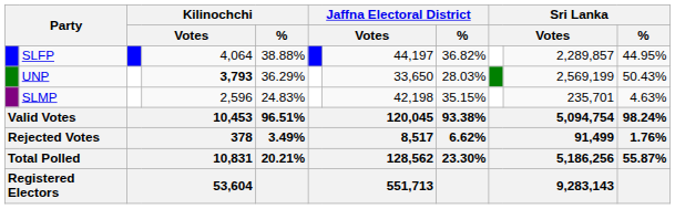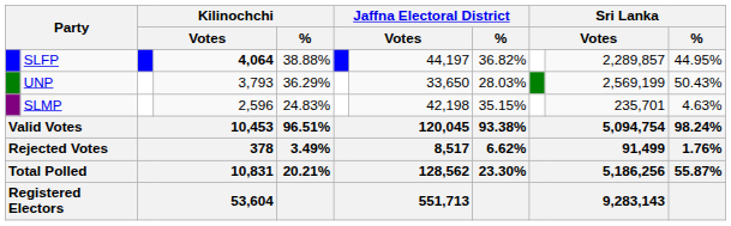 <table class="wikitable">
 <tr>
 <th colspan="2" width="144px"rowspan="2">Party</th>
 <th colspan="3" width="216px">Kilinochchi</th>
 <th colspan="3" width="216px"><a href='#'>Jaffna Electoral District</a></th>
 <th colspan="3" width="216px">Sri Lanka</th>
 </tr>
 <tr>
 <th colspan="2" width="144px">Votes</th>
 <th>%</th>
 <th colspan="2" width="144px">Votes</th>
 <th>%</th>
 <th colspan="2" width="144px">Votes</th>
 <th>%</th>
 </tr>
 <tr>
 <td style="background-color:blue;" width="10px"></td>
 <td style="text-align:left;"><a href='#'>SLFP</a></td>
 <td style="background-color:blue;" width="10px"></td>
-<td style="text-align:right;">4,064</td>
+<td style="text-align:right;"><strong>4,064</strong></td>
 <td style="text-align:right;">38.88%</td>
 <td style="background-color:blue;" width="10px"></td>
 <td style="text-align:right;">44,197</td>
 <td style="text-align:right;">36.82%</td>
 <td style="background-color:white;" width="10px"></td>
 <td style="text-align:right;">2,289,857</td>
 <td style="text-align:right;">44.95%</td>
 </tr>
 <tr>
 <td style="background-color:green;" width="10px"></td>
 <td style="text-align:left;"><a href='#'>UNP</a></td>
 <td style="background-color:white;" width="10px"></td>
-<td style="text-align:right;"><strong>3,793</strong></td>
+<td style="text-align:right;">3,793</td>
 <td style="text-align:right;">36.29%</td>
 <td style="background-color:white;" width="10px"></td>
 <td style="text-align:right;">33,650</td>
 <td style="text-align:right;">28.03%</td>
 <td style="background-color:green;" width="10px"></td>
 <td style="text-align:right;">2,569,199</td>
 <td style="text-align:right;">50.43%</td>
 </tr>
 <tr>
 <td style="background-color:purple;" width="10px"></td>
 <td style="text-align:left;"><a href='#'>SLMP</a></td>
 <td style="background-color:white;" width="10px"></td>
 <td style="text-align:right;">2,596</td>
 <td style="text-align:right;">24.83%</td>
 <td style="background-color:white;" width="10px"></td>
 <td style="text-align:right;">42,198</td>
 <td style="text-align:right;">35.15%</td>
 <td style="background-color:white;" width="10px"></td>
 <td style="text-align:right;">235,701</td>
 <td style="text-align:right;">4.63%</td>
 </tr>
 <tr>
 <th colspan="2" width="144px"style="text-align:left;">Valid Votes</th>
 <th style="text-align:right;"colspan="2" width="144px">10,453</th>
 <th style="text-align:right;">96.51%</th>
 <th style="text-align:right;"colspan="2" width="144px">120,045</th>
 <th style="text-align:right;">93.38%</th>
 <th style="text-align:right;"colspan="2" width="144px">5,094,754</th>
 <th style="text-align:right;">98.24%</th>
 </tr>
 <tr>
 <th colspan="2" width="144px"style="text-align:left;">Rejected Votes</th>
 <th style="text-align:right;"colspan="2" width="144px">378</th>
 <th style="text-align:right;">3.49%</th>
 <th style="text-align:right;"colspan="2" width="144px">8,517</th>
 <th style="text-align:right;">6.62%</th>
 <th style="text-align:right;"colspan="2" width="144px">91,499</th>
 <th style="text-align:right;">1.76%</th>
 </tr>
 <tr>
 <th colspan="2" width="144px"style="text-align:left;">Total Polled</th>
 <th style="text-align:right;"colspan="2" width="144px">10,831</th>
 <th style="text-align:right;">20.21%</th>
 <th style="text-align:right;"colspan="2" width="144px">128,562</th>
 <th style="text-align:right;">23.30%</th>
 <th style="text-align:right;"colspan="2" width="144px">5,186,256</th>
 <th style="text-align:right;">55.87%</th>
 </tr>
 <tr>
 <th colspan="2" width="144px"style="text-align:left;">Registered Electors</th>
 <th style="text-align:right;"colspan="2" width="144px">53,604</th>
 <th></th>
 <th style="text-align:right;"colspan="2" width="144px">551,713</th>
 <th></th>
 <th style="text-align:right;"colspan="2" width="144px">9,283,143</th>
 <th></th>
 </tr>
 </table>
